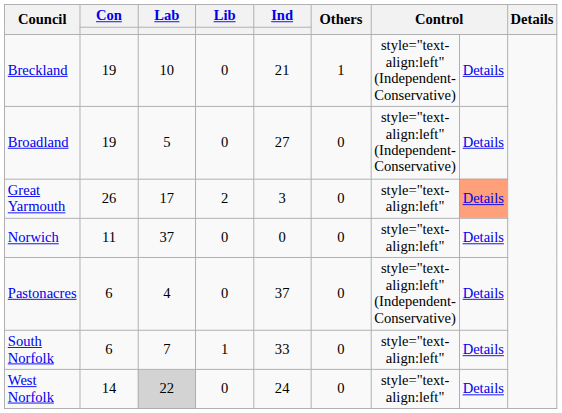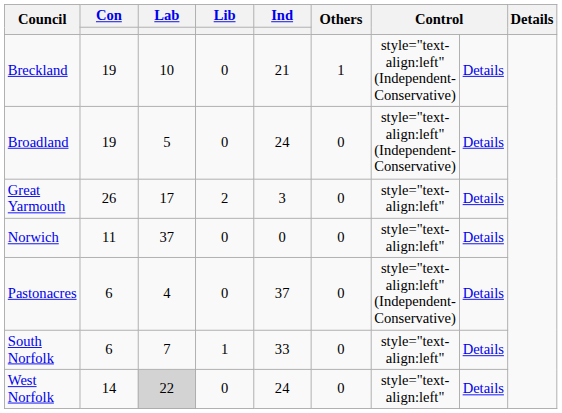 <table class="wikitable" style="text-align:center;">
 <tr>
 <th rowspan=2>Council</th>
 <th style="width:60px;"><a href='#'>Con</a></th>
 <th style="width:60px;"><a href='#'>Lab</a></th>
 <th style="width:60px;"><a href='#'>Lib</a></th>
 <th style="width:60px;"><a href='#'>Ind</a></th>
 <th style="width:60px;" rowspan=2>Others</th>
 <th rowspan=2 colspan=2>Control</th>
 <th rowspan=2>Details</th>
 </tr>
 <tr>
 <th style="background:"></th>
 <th style="background:"></th>
 <th style="background:"></th>
 <th style="background:"></th>
 </tr>
 <tr>
 <td style="text-align:left"><a href='#'>Breckland</a></td>
 <td>19</td>
 <td>10</td>
 <td>0</td>
 <td>21</td>
 <td>1</td>
 <td>style="text-align:left"  (Independent-Conservative)</td>
 <td style="text-align:left"><a href='#'>Details</a></td>
 </tr>
 <tr>
 <td style="text-align:left"><a href='#'>Broadland</a></td>
 <td>19</td>
 <td>5</td>
 <td>0</td>
-<td>27</td>
+<td>24</td>
 <td>0</td>
 <td>style="text-align:left"  (Independent-Conservative)</td>
 <td style="text-align:left"><a href='#'>Details</a></td>
 </tr>
 <tr>
 <td style="text-align:left"><a href='#'>Great Yarmouth</a></td>
 <td>26</td>
 <td>17</td>
 <td>2</td>
 <td>3</td>
 <td>0</td>
 <td>style="text-align:left" </td>
-<td style="background: lightsalmon; text-align:left"><a href='#'>Details</a></td>
+<td style="text-align:left"><a href='#'>Details</a></td>
 </tr>
 <tr>
 <td style="text-align:left"><a href='#'>Norwich</a></td>
 <td>11</td>
 <td>37</td>
 <td>0</td>
 <td>0</td>
 <td>0</td>
 <td>style="text-align:left" </td>
 <td style="text-align:left"><a href='#'>Details</a></td>
 </tr>
 <tr>
 <td style="text-align:left"><a href='#'>Pastonacres</a></td>
 <td>6</td>
 <td>4</td>
 <td>0</td>
 <td>37</td>
 <td>0</td>
 <td>style="text-align:left"  (Independent-Conservative)</td>
 <td style="text-align:left"><a href='#'>Details</a></td>
 </tr>
 <tr>
 <td style="text-align:left"><a href='#'>South Norfolk</a></td>
 <td>6</td>
 <td>7</td>
 <td>1</td>
 <td>33</td>
 <td>0</td>
 <td>style="text-align:left" </td>
 <td style="text-align:left"><a href='#'>Details</a></td>
 </tr>
 <tr>
 <td style="text-align:left"><a href='#'>West Norfolk</a></td>
 <td>14</td>
 <td style="background: lightgrey;">22</td>
 <td>0</td>
 <td>24</td>
 <td>0</td>
 <td>style="text-align:left" </td>
 <td style="text-align:left"><a href='#'>Details</a></td>
 </tr>
 </table>
